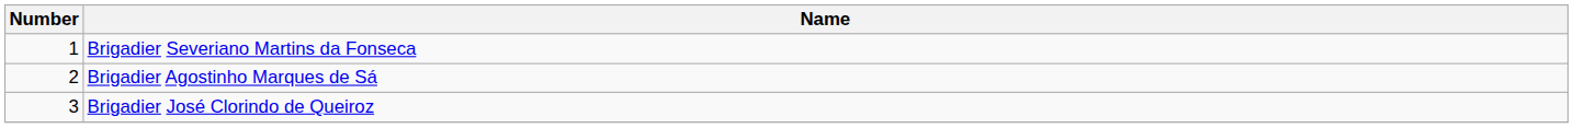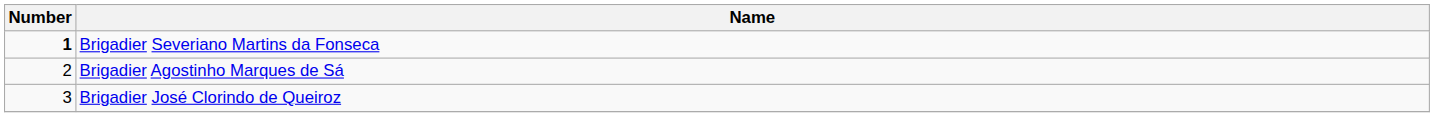 <table class="wikitable">
 <tr>
 <th width="5%">Number</th>
 <th>Name</th>
 </tr>
 <tr>
-<td align=right>1</td>
+<td align=right><strong>1</strong></td>
 <td rowspan=1><a href='#'>Brigadier</a> <a href='#'>Severiano Martins da Fonseca</a></td>
 </tr>
 <tr>
 <td align=right>2</td>
 <td><a href='#'>Brigadier</a> <a href='#'>Agostinho Marques de Sá</a></td>
 </tr>
 <tr>
 <td align=right>3</td>
 <td><a href='#'>Brigadier</a> <a href='#'>José Clorindo de Queiroz</a></td>
 </tr>
 <tr>
 </tr>
 </table>
